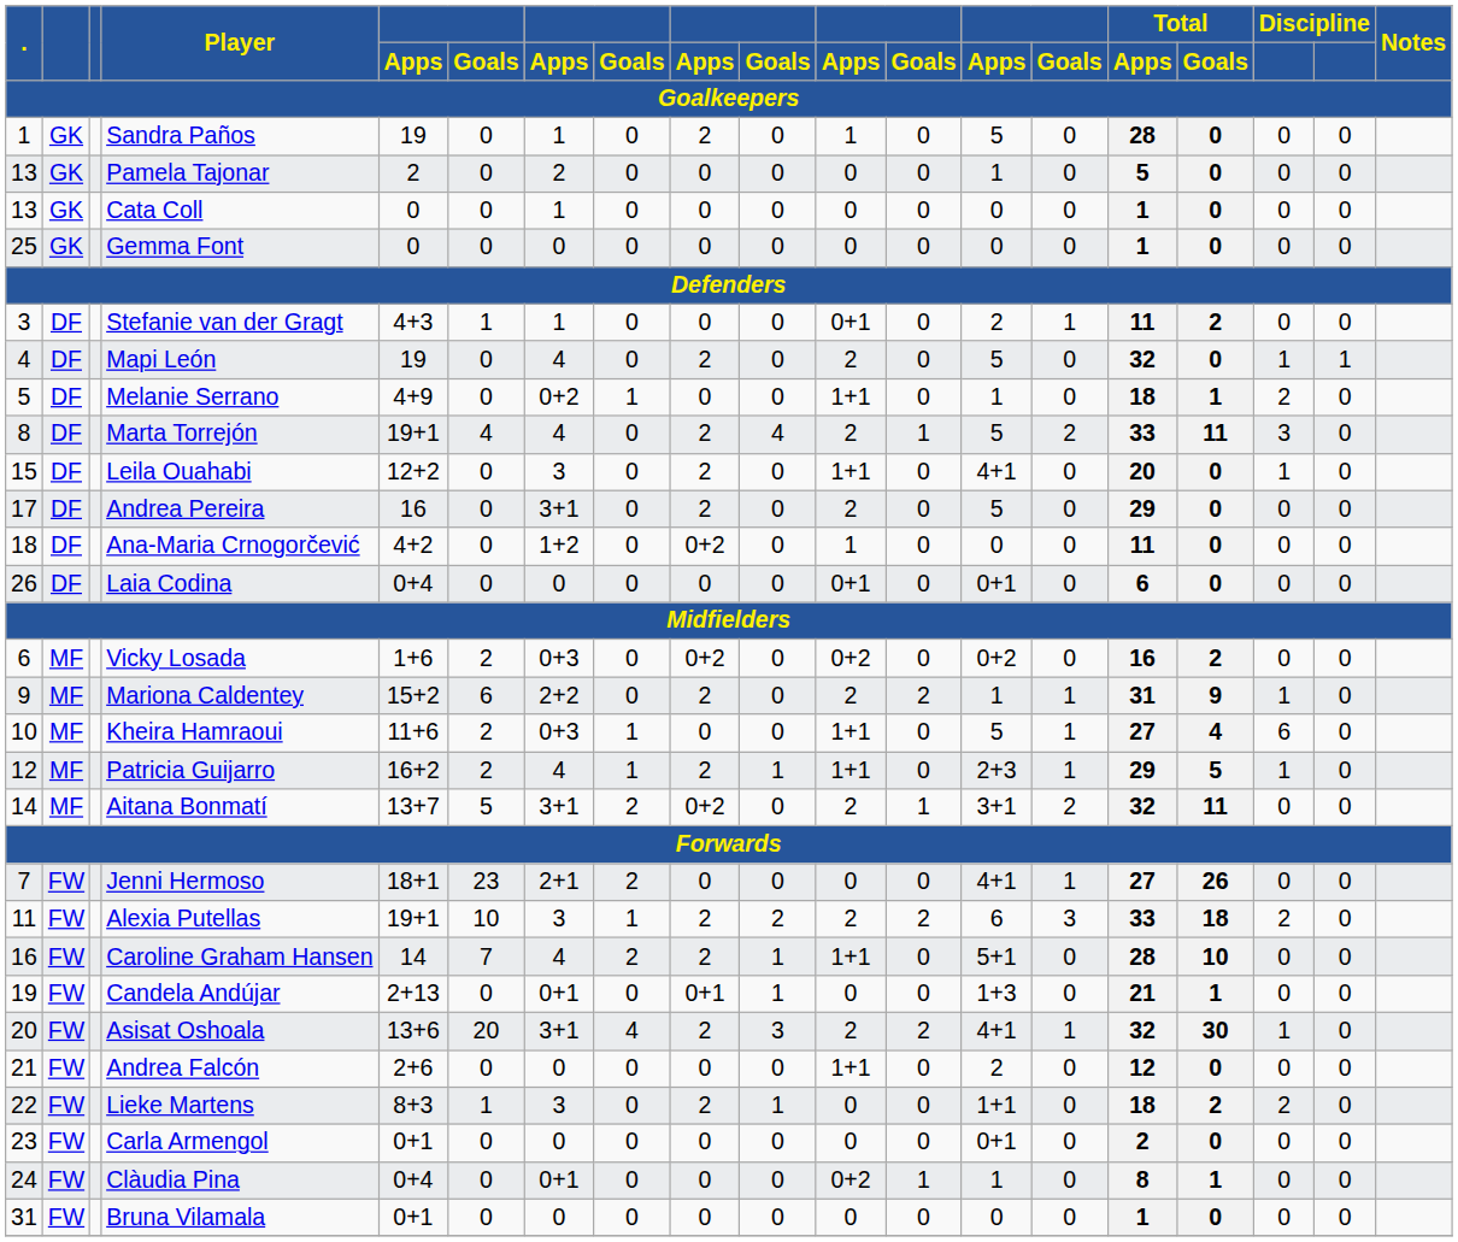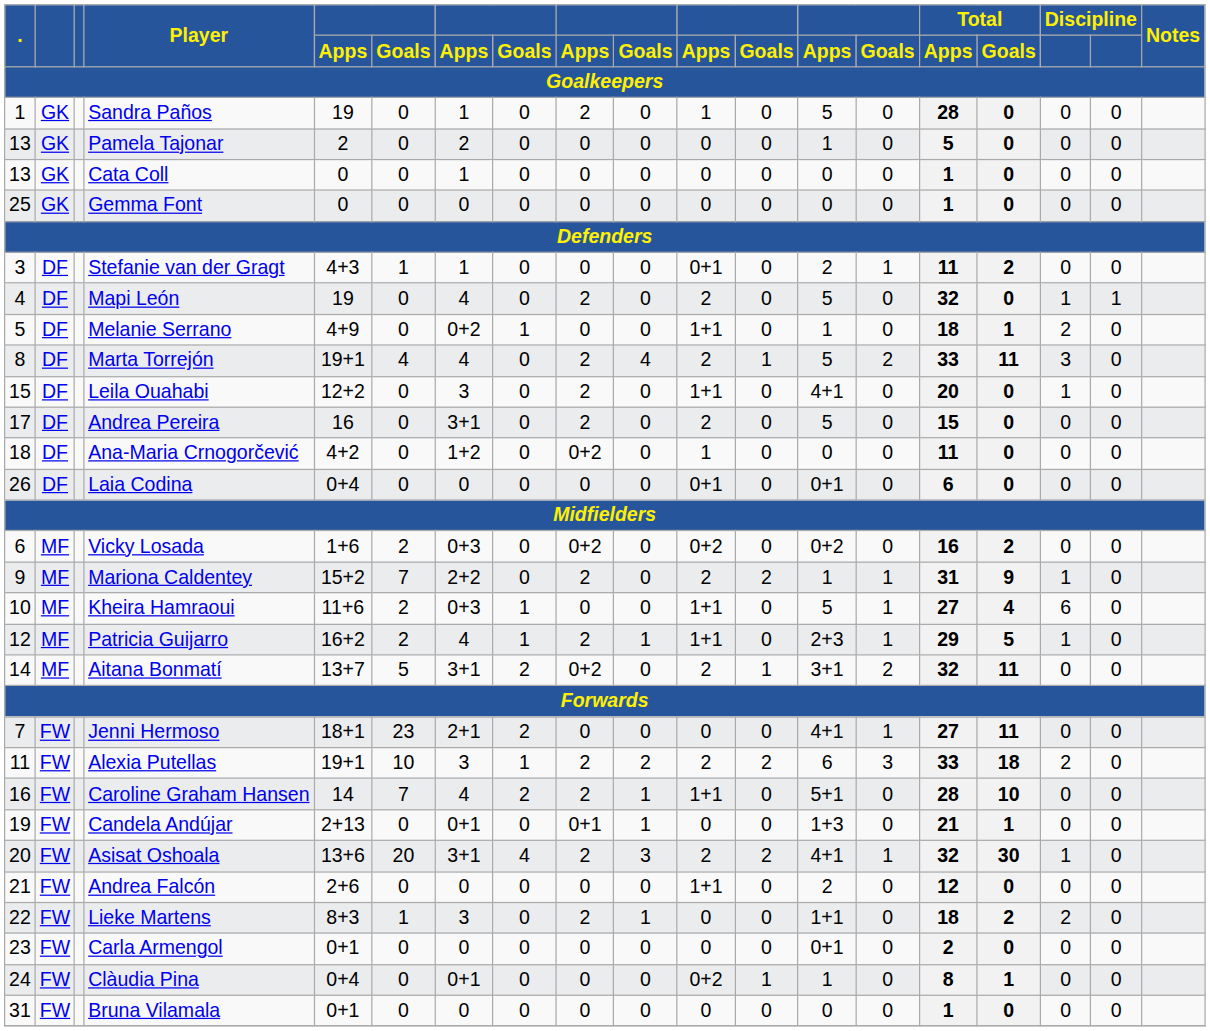 <table class="wikitable sortable alternance" style="text-align:center">
 <tr>
 <th rowspan="2" style="background:#26559B; color:#FFF000; ">.</th>
 <th rowspan="2" style="background:#26559B; color:#FFF000; "></th>
 <th rowspan="2" style="background:#26559B; color:#FFF000; "></th>
 <th rowspan="2" style="background:#26559B; color:#FFF000; ">Player</th>
 <th colspan="2" style="background:#26559B; color:#FFF000; "></th>
 <th colspan="2" style="background:#26559B; color:#FFF000; "></th>
 <th colspan="2" style="background:#26559B; color:#FFF000; "></th>
 <th colspan="2" style="background:#26559B; color:#FFF000; "></th>
 <th colspan="2" style="background:#26559B; color:#FFF000; "></th>
 <th colspan="2" style="background:#26559B; color:#FFF000; ">Total</th>
 <th colspan="2" style="background:#26559B; color:#FFF000; ">Discipline</th>
 <th rowspan="2" style="background:#26559B; color:#FFF000; ">Notes</th>
 </tr>
 <tr>
 <th style="background:#26559B; color:#FFF000; ">Apps</th>
 <th style="background:#26559B; color:#FFF000; ">Goals</th>
 <th style="background:#26559B; color:#FFF000; ">Apps</th>
 <th style="background:#26559B; color:#FFF000; ">Goals</th>
 <th style="background:#26559B; color:#FFF000; ">Apps</th>
 <th style="background:#26559B; color:#FFF000; ">Goals</th>
 <th style="background:#26559B; color:#FFF000; ">Apps</th>
 <th style="background:#26559B; color:#FFF000; ">Goals</th>
 <th style="background:#26559B; color:#FFF000; ">Apps</th>
 <th style="background:#26559B; color:#FFF000; ">Goals</th>
 <th style="background:#26559B; color:#FFF000; ">Apps</th>
 <th style="background:#26559B; color:#FFF000; ">Goals</th>
 <th style="background:#26559B; color:#FFF000; "></th>
 <th style="background:#26559B; color:#FFF000; "></th>
 </tr>
 <tr>
 <th colspan="19" style="background:#26559B; color:#FFF000; "><em>Goalkeepers</em></th>
 </tr>
 <tr>
 <td>1</td>
 <td><a href='#'>GK</a></td>
 <td></td>
 <td align="left"><a href='#'>Sandra Paños</a></td>
 <td>19</td>
 <td>0</td>
 <td>1</td>
 <td>0</td>
 <td>2</td>
 <td>0</td>
 <td>1</td>
 <td>0</td>
 <td>5</td>
 <td>0</td>
 <th>28</th>
 <th><strong>0</strong></th>
 <td>0</td>
 <td>0</td>
 <td></td>
 </tr>
 <tr colspan="9" style="background:#eaecee">
 <td>13</td>
 <td><a href='#'>GK</a></td>
 <td></td>
 <td align="left"><a href='#'>Pamela Tajonar</a></td>
 <td>2</td>
 <td>0</td>
 <td>2</td>
 <td>0</td>
 <td>0</td>
 <td>0</td>
 <td>0</td>
 <td>0</td>
 <td>1</td>
 <td>0</td>
 <th>5</th>
 <th><strong>0</strong></th>
 <td>0</td>
 <td>0</td>
 <td></td>
 </tr>
 <tr>
 <td>13</td>
 <td><a href='#'>GK</a></td>
 <td></td>
 <td align="left"><a href='#'>Cata Coll</a></td>
 <td>0</td>
 <td>0</td>
 <td>1</td>
 <td>0</td>
 <td>0</td>
 <td>0</td>
 <td>0</td>
 <td>0</td>
 <td>0</td>
 <td>0</td>
 <th>1</th>
 <th>0</th>
 <td>0</td>
 <td>0</td>
 <td></td>
 </tr>
 <tr colspan="9" style="background:#eaecee">
 <td>25</td>
 <td><a href='#'>GK</a></td>
 <td></td>
 <td align="left"><a href='#'>Gemma Font</a></td>
 <td>0</td>
 <td>0</td>
 <td>0</td>
 <td>0</td>
 <td>0</td>
 <td>0</td>
 <td>0</td>
 <td>0</td>
 <td>0</td>
 <td>0</td>
 <th>1</th>
 <th><strong>0</strong></th>
 <td>0</td>
 <td>0</td>
 <td></td>
 </tr>
 <tr>
 <th colspan="19" style="background:#26559B; color:#FFF000; "><em>Defenders</em></th>
 </tr>
 <tr>
 <td>3</td>
 <td><a href='#'>DF</a></td>
 <td></td>
 <td align="left"><a href='#'>Stefanie van der Gragt</a></td>
 <td>4+3</td>
 <td>1</td>
 <td>1</td>
 <td>0</td>
 <td>0</td>
 <td>0</td>
 <td>0+1</td>
 <td>0</td>
 <td>2</td>
 <td>1</td>
 <th>11</th>
 <th>2</th>
 <td>0</td>
 <td>0</td>
 <td></td>
 </tr>
 <tr colspan="9" style="background:#eaecee">
 <td>4</td>
 <td><a href='#'>DF</a></td>
 <td></td>
 <td align="left"><a href='#'>Mapi León</a></td>
 <td>19</td>
 <td>0</td>
 <td>4</td>
 <td>0</td>
 <td>2</td>
 <td>0</td>
 <td>2</td>
 <td>0</td>
 <td>5</td>
 <td>0</td>
 <th>32</th>
 <th><strong>0</strong></th>
 <td>1</td>
 <td>1</td>
 <td></td>
 </tr>
 <tr>
 <td>5</td>
 <td><a href='#'>DF</a></td>
 <td></td>
 <td align="left"><a href='#'>Melanie Serrano</a></td>
 <td>4+9</td>
 <td>0</td>
 <td>0+2</td>
 <td>1</td>
 <td>0</td>
 <td>0</td>
 <td>1+1</td>
 <td>0</td>
 <td>1</td>
 <td>0</td>
 <th>18</th>
 <th>1</th>
 <td>2</td>
 <td>0</td>
 <td></td>
 </tr>
 <tr colspan="9" style="background:#eaecee">
 <td>8</td>
 <td><a href='#'>DF</a></td>
 <td></td>
 <td align="left"><a href='#'>Marta Torrejón</a></td>
 <td>19+1</td>
 <td>4</td>
 <td>4</td>
 <td>0</td>
 <td>2</td>
 <td>4</td>
 <td>2</td>
 <td>1</td>
 <td>5</td>
 <td>2</td>
 <th>33</th>
 <th>11</th>
 <td>3</td>
 <td>0</td>
 <td></td>
 </tr>
 <tr>
 <td>15</td>
 <td><a href='#'>DF</a></td>
 <td></td>
 <td align="left"><a href='#'>Leila Ouahabi</a></td>
 <td>12+2</td>
 <td>0</td>
 <td>3</td>
 <td>0</td>
 <td>2</td>
 <td>0</td>
 <td>1+1</td>
 <td>0</td>
 <td>4+1</td>
 <td>0</td>
 <th>20</th>
 <th><strong>0</strong></th>
 <td>1</td>
 <td>0</td>
 <td></td>
 </tr>
 <tr colspan="9" style="background:#eaecee">
 <td>17</td>
 <td><a href='#'>DF</a></td>
 <td></td>
 <td align="left"><a href='#'>Andrea Pereira</a></td>
 <td>16</td>
 <td>0</td>
 <td>3+1</td>
 <td>0</td>
 <td>2</td>
 <td>0</td>
 <td>2</td>
 <td>0</td>
 <td>5</td>
 <td>0</td>
-<th>29</th>
+<th>15</th>
 <th><strong>0</strong></th>
 <td>0</td>
 <td>0</td>
 <td></td>
 </tr>
 <tr>
 <td>18</td>
 <td><a href='#'>DF</a></td>
 <td></td>
 <td align="left"><a href='#'>Ana-Maria Crnogorčević</a></td>
 <td>4+2</td>
 <td>0</td>
 <td>1+2</td>
 <td>0</td>
 <td>0+2</td>
 <td>0</td>
 <td>1</td>
 <td>0</td>
 <td>0</td>
 <td>0</td>
 <th>11</th>
 <th><strong>0</strong></th>
 <td>0</td>
 <td>0</td>
 <td></td>
 </tr>
 <tr style="background:#eaecee" colspan="9">
 <td>26</td>
 <td><a href='#'>DF</a></td>
 <td></td>
 <td align="left"><a href='#'>Laia Codina</a></td>
 <td>0+4</td>
 <td>0</td>
 <td>0</td>
 <td>0</td>
 <td>0</td>
 <td>0</td>
 <td>0+1</td>
 <td>0</td>
 <td>0+1</td>
 <td>0</td>
 <th>6</th>
 <th><strong>0</strong></th>
 <td>0</td>
 <td>0</td>
 <td></td>
 </tr>
 <tr>
 <th colspan="19" style="background:#26559B; color:#FFF000; "><em>Midfielders</em></th>
 </tr>
 <tr>
 <td>6</td>
 <td><a href='#'>MF</a></td>
 <td></td>
 <td align="left"><a href='#'>Vicky Losada</a></td>
 <td>1+6</td>
 <td>2</td>
 <td>0+3</td>
 <td>0</td>
 <td>0+2</td>
 <td>0</td>
 <td>0+2</td>
 <td>0</td>
 <td>0+2</td>
 <td>0</td>
 <th>16</th>
 <th>2</th>
 <td>0</td>
 <td>0</td>
 <td></td>
 </tr>
 <tr style="background:#eaecee" colspan="9">
 <td>9</td>
 <td><a href='#'>MF</a></td>
 <td></td>
 <td align="left"><a href='#'>Mariona Caldentey</a></td>
 <td>15+2</td>
-<td>6</td>
+<td>7</td>
 <td>2+2</td>
 <td>0</td>
 <td>2</td>
 <td>0</td>
 <td>2</td>
 <td>2</td>
 <td>1</td>
 <td>1</td>
 <th>31</th>
 <th>9</th>
 <td>1</td>
 <td>0</td>
 <td></td>
 </tr>
 <tr>
 <td>10</td>
 <td><a href='#'>MF</a></td>
 <td></td>
 <td align="left"><a href='#'>Kheira Hamraoui</a></td>
 <td>11+6</td>
 <td>2</td>
 <td>0+3</td>
 <td>1</td>
 <td>0</td>
 <td>0</td>
 <td>1+1</td>
 <td>0</td>
 <td>5</td>
 <td>1</td>
 <th>27</th>
 <th>4</th>
 <td>6</td>
 <td>0</td>
 <td></td>
 </tr>
 <tr style="background:#eaecee" colspan="9">
 <td>12</td>
 <td><a href='#'>MF</a></td>
 <td></td>
 <td align="left"><a href='#'>Patricia Guijarro</a></td>
 <td>16+2</td>
 <td>2</td>
 <td>4</td>
 <td>1</td>
 <td>2</td>
 <td>1</td>
 <td>1+1</td>
 <td>0</td>
 <td>2+3</td>
 <td>1</td>
 <th>29</th>
 <th>5</th>
 <td>1</td>
 <td>0</td>
 <td></td>
 </tr>
 <tr>
 <td>14</td>
 <td><a href='#'>MF</a></td>
 <td></td>
 <td align="left"><a href='#'>Aitana Bonmatí</a></td>
 <td>13+7</td>
 <td>5</td>
 <td>3+1</td>
 <td>2</td>
 <td>0+2</td>
 <td>0</td>
 <td>2</td>
 <td>1</td>
 <td>3+1</td>
 <td>2</td>
 <th>32</th>
 <th>11</th>
 <td>0</td>
 <td>0</td>
 <td></td>
 </tr>
 <tr>
 <th colspan="19" style="background:#26559B; color:#FFF000; "><em>Forwards</em></th>
 </tr>
 <tr style="background:#eaecee" colspan="9">
 <td>7</td>
 <td><a href='#'>FW</a></td>
 <td></td>
 <td align="left"><a href='#'>Jenni Hermoso</a></td>
 <td>18+1</td>
 <td>23</td>
 <td>2+1</td>
 <td>2</td>
 <td>0</td>
 <td>0</td>
 <td>0</td>
 <td>0</td>
 <td>4+1</td>
 <td>1</td>
 <th>27</th>
-<th>26</th>
+<th>11</th>
 <td>0</td>
 <td>0</td>
 <td></td>
 </tr>
 <tr>
 <td>11</td>
 <td><a href='#'>FW</a></td>
 <td></td>
 <td align="left"><a href='#'>Alexia Putellas</a></td>
 <td>19+1</td>
 <td>10</td>
 <td>3</td>
 <td>1</td>
 <td>2</td>
 <td>2</td>
 <td>2</td>
 <td>2</td>
 <td>6</td>
 <td>3</td>
 <th>33</th>
 <th>18</th>
 <td>2</td>
 <td>0</td>
 <td></td>
 </tr>
 <tr style="background:#eaecee" colspan="9">
 <td>16</td>
 <td><a href='#'>FW</a></td>
 <td></td>
 <td align="left"><a href='#'>Caroline Graham Hansen</a></td>
 <td>14</td>
 <td>7</td>
 <td>4</td>
 <td>2</td>
 <td>2</td>
 <td>1</td>
 <td>1+1</td>
 <td>0</td>
 <td>5+1</td>
 <td>0</td>
 <th>28</th>
 <th>10</th>
 <td>0</td>
 <td>0</td>
 <td></td>
 </tr>
 <tr>
 <td>19</td>
 <td><a href='#'>FW</a></td>
 <td></td>
 <td align="left"><a href='#'>Candela Andújar</a></td>
 <td>2+13</td>
 <td>0</td>
 <td>0+1</td>
 <td>0</td>
 <td>0+1</td>
 <td>1</td>
 <td>0</td>
 <td>0</td>
 <td>1+3</td>
 <td>0</td>
 <th>21</th>
 <th>1</th>
 <td>0</td>
 <td>0</td>
 <td></td>
 </tr>
 <tr style="background:#eaecee" colspan="9">
 <td>20</td>
 <td><a href='#'>FW</a></td>
 <td></td>
 <td align="left"><a href='#'>Asisat Oshoala</a></td>
 <td>13+6</td>
 <td>20</td>
 <td>3+1</td>
 <td>4</td>
 <td>2</td>
 <td>3</td>
 <td>2</td>
 <td>2</td>
 <td>4+1</td>
 <td>1</td>
 <th>32</th>
 <th>30</th>
 <td>1</td>
 <td>0</td>
 <td></td>
 </tr>
 <tr>
 <td>21</td>
 <td><a href='#'>FW</a></td>
 <td></td>
 <td align="left"><a href='#'>Andrea Falcón</a></td>
 <td>2+6</td>
 <td>0</td>
 <td>0</td>
 <td>0</td>
 <td>0</td>
 <td>0</td>
 <td>1+1</td>
 <td>0</td>
 <td>2</td>
 <td>0</td>
 <th>12</th>
 <th><strong>0</strong></th>
 <td>0</td>
 <td>0</td>
 <td></td>
 </tr>
 <tr style="background:#eaecee" colspan="9">
 <td>22</td>
 <td><a href='#'>FW</a></td>
 <td></td>
 <td align="left"><a href='#'>Lieke Martens</a></td>
 <td>8+3</td>
 <td>1</td>
 <td>3</td>
 <td>0</td>
 <td>2</td>
 <td>1</td>
 <td>0</td>
 <td>0</td>
 <td>1+1</td>
 <td>0</td>
 <th>18</th>
 <th>2</th>
 <td>2</td>
 <td>0</td>
 <td></td>
 </tr>
 <tr>
 <td>23</td>
 <td><a href='#'>FW</a></td>
 <td></td>
 <td align="left"><a href='#'>Carla Armengol</a></td>
 <td>0+1</td>
 <td>0</td>
 <td>0</td>
 <td>0</td>
 <td>0</td>
 <td>0</td>
 <td>0</td>
 <td>0</td>
 <td>0+1</td>
 <td>0</td>
 <th>2</th>
 <th><strong>0</strong></th>
 <td>0</td>
 <td>0</td>
 <td></td>
 </tr>
 <tr style="background:#eaecee" colspan="9">
 <td>24</td>
 <td><a href='#'>FW</a></td>
 <td></td>
 <td align="left"><a href='#'>Clàudia Pina</a></td>
 <td>0+4</td>
 <td>0</td>
 <td>0+1</td>
 <td>0</td>
 <td>0</td>
 <td>0</td>
 <td>0+2</td>
 <td>1</td>
 <td>1</td>
 <td>0</td>
 <th>8</th>
 <th>1</th>
 <td>0</td>
 <td>0</td>
 <td></td>
 </tr>
 <tr>
 <td>31</td>
 <td><a href='#'>FW</a></td>
 <td></td>
 <td align="left"><a href='#'>Bruna Vilamala</a></td>
 <td>0+1</td>
 <td>0</td>
 <td>0</td>
 <td>0</td>
 <td>0</td>
 <td>0</td>
 <td>0</td>
 <td>0</td>
 <td>0</td>
 <td>0</td>
 <th>1</th>
 <th>0</th>
 <td>0</td>
 <td>0</td>
 <td></td>
 </tr>
 <tr>
 </tr>
 </table>
